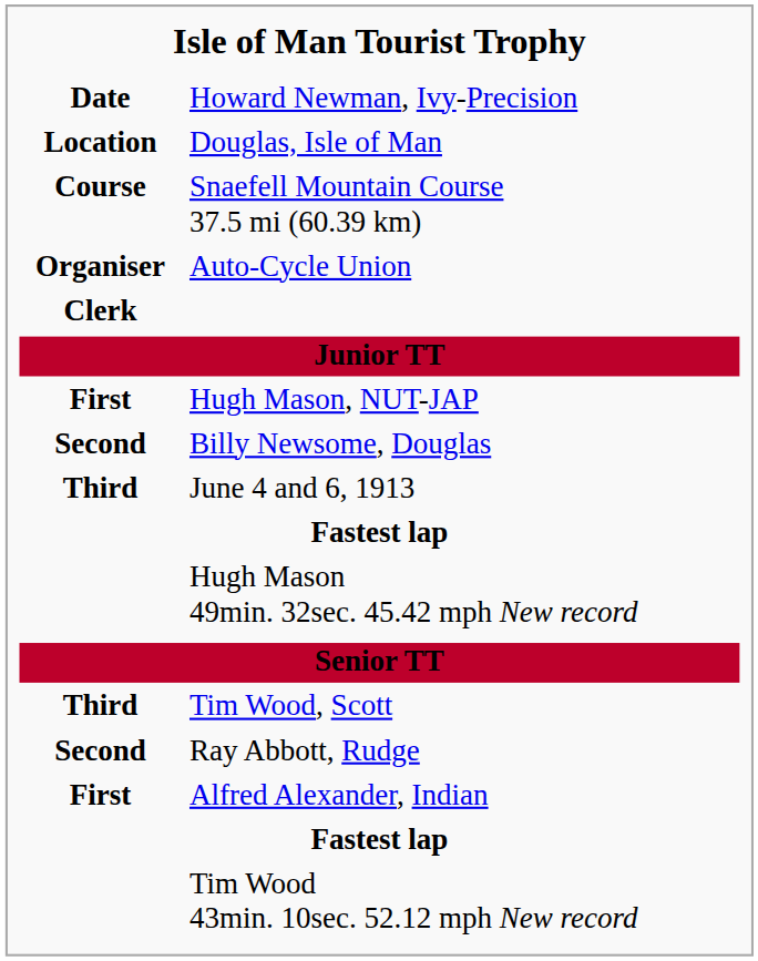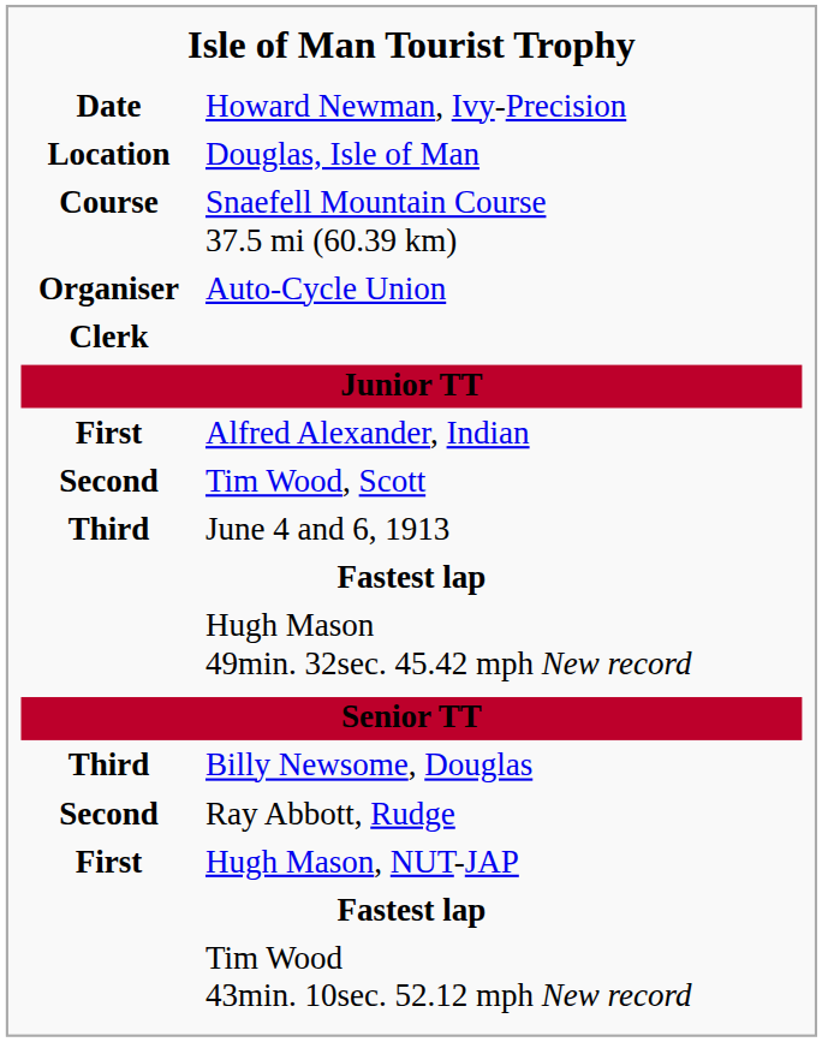 <table class="infobox" style="width:25em; font-size:80%;">
 <tr>
 <th colspan="2"  style="background:; text-align:center;"><big><span>Isle of Man Tourist Trophy</span></big></th>
 </tr>
 <tr>
 <th colspan="2"></th>
 </tr>
 <tr>
 <th>Date</th>
 <td valign="top"><a href='#'>Howard Newman</a>, <a href='#'>Ivy</a>-<a href='#'>Precision</a></td>
 </tr>
 <tr>
 <th>Location</th>
 <td valign="top"><a href='#'>Douglas, Isle of Man</a></td>
 </tr>
 <tr>
 <th>Course</th>
 <td valign="top"><a href='#'>Snaefell Mountain Course</a> <br> 37.5 mi (60.39 km)</td>
 </tr>
 <tr>
 <th>Organiser</th>
 <td valign="top"><a href='#'>Auto-Cycle Union</a></td>
 </tr>
 <tr>
 <th>Clerk</th>
 <td valign="top"></td>
 </tr>
 <tr>
 <th colspan="2"  style="background:#bd002b; text-align:center;"><span>Junior TT</span></th>
 </tr>
 <tr>
 <th>First</th>
-<td valign="top"><a href='#'>Hugh Mason</a>, <a href='#'>NUT</a>-<a href='#'>JAP</a></td>
+<td valign="top"><a href='#'>Alfred Alexander</a>, <a href='#'>Indian</a></td>
 </tr>
 <tr>
 <th>Second</th>
-<td valign="top"><a href='#'>Billy Newsome</a>, <a href='#'>Douglas</a></td>
+<td valign="top"><a href='#'>Tim Wood</a>, <a href='#'>Scott</a></td>
 </tr>
 <tr>
 <th>Third</th>
 <td valign="top">June 4 and 6, 1913</td>
 </tr>
 <tr>
 <th colspan="2"  style="background:#; text-align:center;"><span>Fastest lap</span></th>
 </tr>
 <tr>
 <th></th>
 <td valign="top">Hugh Mason <br> 49min. 32sec. 45.42 mph <em>New record</em></td>
 </tr>
 <tr>
 </tr>
 <tr>
 <th colspan="2"  style="background:#bd002b; text-align:center;"><span>Senior TT</span></th>
 </tr>
 <tr>
 <th>Third</th>
-<td valign="top"><a href='#'>Tim Wood</a>, <a href='#'>Scott</a></td>
+<td valign="top"><a href='#'>Billy Newsome</a>, <a href='#'>Douglas</a></td>
 </tr>
 <tr>
 <th>Second</th>
 <td valign="top">Ray Abbott, <a href='#'>Rudge</a></td>
 </tr>
 <tr>
 <th>First</th>
-<td valign="top"><a href='#'>Alfred Alexander</a>, <a href='#'>Indian</a></td>
+<td valign="top"><a href='#'>Hugh Mason</a>, <a href='#'>NUT</a>-<a href='#'>JAP</a></td>
 </tr>
 <tr>
 <th colspan="2"  style="background:#; text-align:center;"><span>Fastest lap</span></th>
 </tr>
 <tr>
 <th></th>
 <td valign="top">Tim Wood <br> 43min. 10sec. 52.12 mph <em>New record</em></td>
 </tr>
 <tr>
 </tr>
 </table>
